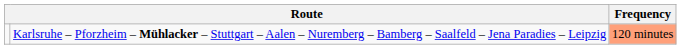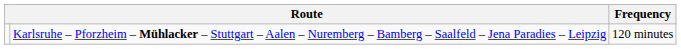 <table class="wikitable">
 <tr>
 <th colspan="2">Route</th>
 <th>Frequency</th>
 </tr>
 <tr>
 <td></td>
 <td><a href='#'>Karlsruhe</a> – <a href='#'>Pforzheim</a> – <strong>Mühlacker</strong> – <a href='#'>Stuttgart</a> – <a href='#'>Aalen</a> – <a href='#'>Nuremberg</a> – <a href='#'>Bamberg</a> – <a href='#'>Saalfeld</a> – <a href='#'>Jena Paradies</a> – <a href='#'>Leipzig</a></td>
-<td style="background: lightsalmon;">120 minutes</td>
+<td>120 minutes</td>
 </tr>
 </table>
